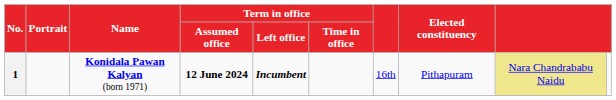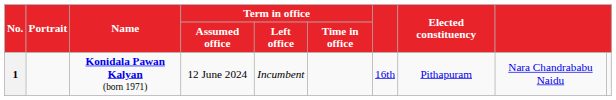 <table class="wikitable sortable" style="text-align:center;">
 <tr>
 <th rowspan=2 style="background-color:#E8232A;color:white">No.</th>
 <th rowspan=2 style="background-color:#E8232A;color:white">Portrait</th>
 <th rowspan=2 style="background-color:#E8232A;color:white">Name<br></th>
 <th colspan=3 style="background-color:#E8232A;color:white">Term in office</th>
 <th rowspan=2 style="background-color:#E8232A;color:white"><a href='#'></a><br></th>
 <th rowspan=2 style="background-color:#E8232A;color:white">Elected constituency</th>
 <th rowspan=2 colspan=2 style="background-color:#E8232A;color:white"><a href='#'></a></th>
 </tr>
 <tr>
 <th style="background-color:#E8232A;color:white">Assumed office</th>
 <th style="background-color:#E8232A;color:white">Left office</th>
 <th style="background-color:#E8232A;color:white">Time in office</th>
 </tr>
 <tr>
 <th>1</th>
 <td></td>
 <td><strong><a href='#'>Konidala Pawan Kalyan</a></strong><br><small>(born 1971)</small></td>
-<td><strong>12 June 2024</strong></td>
-<td><strong><em>Incumbent</em></strong></td>
+<td>12 June 2024</td>
+<td><em>Incumbent</em></td>
 <td></td>
 <td><a href='#'>16th</a><br></td>
 <td><a href='#'>Pithapuram</a></td>
-<td style="background: khaki;"><a href='#'>Nara Chandrababu Naidu</a></td>
+<td><a href='#'>Nara Chandrababu Naidu</a></td>
 <td></td>
 </tr>
 </table>
